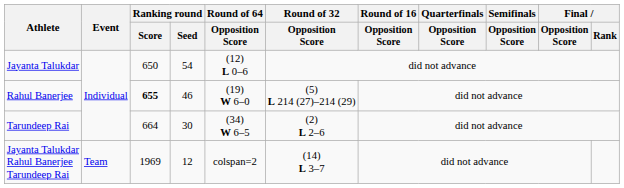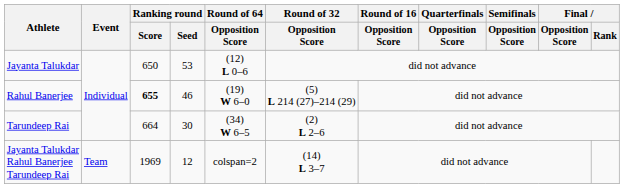 <table class="wikitable" style="font-size:90%">
 <tr>
 <th rowspan=2>Athlete</th>
 <th rowspan=2>Event</th>
 <th colspan="2">Ranking round</th>
 <th>Round of 64</th>
 <th>Round of 32</th>
 <th>Round of 16</th>
 <th>Quarterfinals</th>
 <th>Semifinals</th>
 <th colspan="2">Final / </th>
 </tr>
 <tr style="font-size:95%">
 <th>Score</th>
 <th>Seed</th>
 <th>Opposition<br>Score</th>
 <th>Opposition<br>Score</th>
 <th>Opposition<br>Score</th>
 <th>Opposition<br>Score</th>
 <th>Opposition<br>Score</th>
 <th>Opposition<br>Score</th>
 <th>Rank</th>
 </tr>
 <tr align=center>
 <td align=left><a href='#'>Jayanta Talukdar</a></td>
 <td style="text-align:left;" rowspan="3"><a href='#'>Individual</a></td>
 <td>650</td>
-<td>54</td>
+<td>53</td>
 <td> (12) <br> <strong>L</strong> 0–6</td>
 <td colspan=6>did not advance</td>
 </tr>
 <tr align=center>
 <td align=left><a href='#'>Rahul Banerjee</a></td>
 <td><strong>655</strong></td>
 <td>46</td>
 <td> (19) <br> <strong>W</strong> 6–0</td>
 <td> (5)<br><strong>L</strong> 214 (27)–214 (29)</td>
 <td colspan=5>did not advance</td>
 </tr>
 <tr align=center>
 <td align=left><a href='#'>Tarundeep Rai</a></td>
 <td>664</td>
 <td>30</td>
 <td> (34) <br> <strong>W</strong> 6–5</td>
 <td> (2) <br> <strong>L</strong> 2–6</td>
 <td colspan=5>did not advance</td>
 </tr>
 <tr align=center>
 <td align=left><a href='#'>Jayanta Talukdar</a><br><a href='#'>Rahul Banerjee</a><br><a href='#'>Tarundeep Rai</a></td>
 <td align=left><a href='#'>Team</a></td>
 <td>1969</td>
 <td>12</td>
 <td>colspan=2 </td>
 <td> (14) <br> <strong>L</strong> 3–7</td>
 <td colspan=4>did not advance</td>
 </tr>
 </table>
